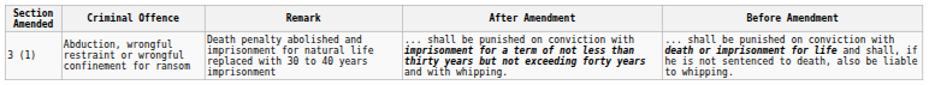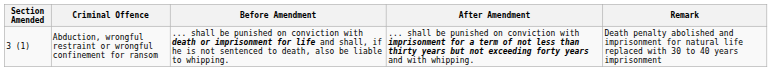 <table class="wikitable">
 <tr>
 <th>Section Amended</th>
 <th>Criminal Offence</th>
+<th>Before Amendment</th>
+<th>After Amendment</th>
 <th>Remark</th>
-<th>After Amendment</th>
-<th>Before Amendment</th>
 </tr>
 <tr>
 <td>3 (1)</td>
 <td>Abduction, wrongful restraint or wrongful confinement for ransom</td>
+<td>... shall be punished on conviction with <strong><em>death or imprisonment for life</em></strong> and shall, if he is not sentenced to death, also be liable to whipping.</td>
+<td>... shall be punished on conviction with <strong><em>imprisonment for a term of not less than thirty years but not exceeding forty years</em></strong> and with whipping.</td>
 <td>Death penalty abolished and imprisonment for natural life replaced with 30 to 40 years imprisonment</td>
-<td>... shall be punished on conviction with <strong><em>imprisonment for a term of not less than thirty years but not exceeding forty years</em></strong> and with whipping.</td>
-<td>... shall be punished on conviction with <strong><em>death or imprisonment for life</em></strong> and shall, if he is not sentenced to death, also be liable to whipping.</td>
 </tr>
 </table>
